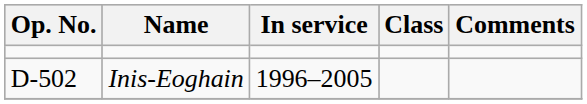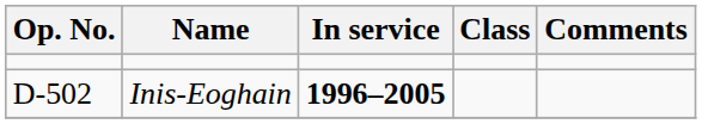 <table class="wikitable">
 <tr>
 <th>Op. No.</th>
 <th>Name</th>
 <th>In service</th>
 <th>Class</th>
 <th>Comments</th>
 </tr>
 <tr>
 <td></td>
 <td></td>
 <td></td>
 <td></td>
 <td></td>
 </tr>
 <tr>
 <td>D-502</td>
 <td><em>Inis-Eoghain</em></td>
-<td>1996–2005</td>
+<td><strong>1996–2005</strong></td>
 <td></td>
 <td></td>
 </tr>
 <tr>
 </tr>
 </table>
